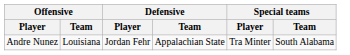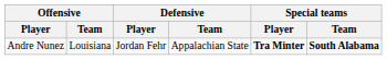 <table class="wikitable">
 <tr>
 <th colspan="2">Offensive</th>
 <th colspan="2">Defensive</th>
 <th colspan="2">Special teams</th>
 </tr>
 <tr>
 <th>Player</th>
 <th>Team</th>
 <th>Player</th>
 <th>Team</th>
 <th>Player</th>
 <th>Team</th>
 </tr>
 <tr>
 <td>Andre Nunez</td>
 <td>Louisiana</td>
 <td>Jordan Fehr</td>
 <td>Appalachian State</td>
-<td>Tra Minter</td>
-<td>South Alabama</td>
+<td><strong>Tra Minter</strong></td>
+<td><strong>South Alabama</strong></td>
 </tr>
 </table>
